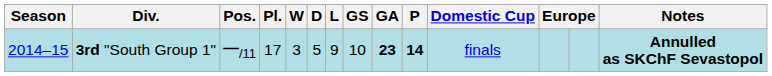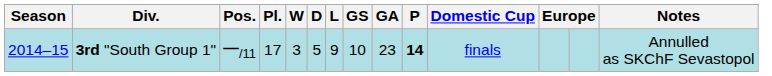 <table class="wikitable" style="text-align:center;">
 <tr bgcolor="#efefef">
 <th>Season</th>
 <th>Div.</th>
 <th>Pos.</th>
 <th>Pl.</th>
 <th>W</th>
 <th>D</th>
 <th>L</th>
 <th>GS</th>
 <th>GA</th>
 <th>P</th>
 <th><a href='#'>Domestic Cup</a></th>
 <th colspan=2>Europe</th>
 <th>Notes</th>
 </tr>
 <tr  align=center bgcolor=PowderBlue>
 <td><a href='#'>2014–15</a></td>
 <td><strong>3rd</strong> "South Group 1"<br></td>
 <td><strong>—</strong><sub>/11</sub></td>
 <td>17</td>
 <td>3</td>
 <td>5</td>
 <td>9</td>
 <td>10</td>
-<td><strong>23</strong></td>
+<td>23</td>
 <td><strong>14</strong></td>
 <td><a href='#'> finals</a></td>
 <td></td>
 <td></td>
-<td><strong>Annulled<br>as SKChF Sevastopol</strong></td>
+<td>Annulled<br>as SKChF Sevastopol</td>
 </tr>
 </table>
